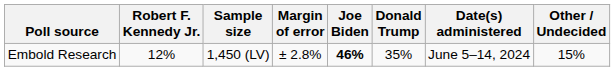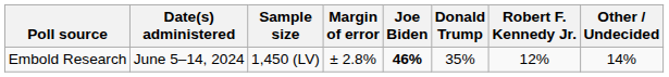 <table class="wikitable sortable mw-datatable" style="font-size:90%;text-align:center;line-height:17px">
 <tr valign=bottom>
 <th>Poll source</th>
-<th class="unsortable">Robert F.<br>Kennedy Jr.<br></th>
+<th>Date(s)<br>administered</th>
 <th>Sample<br>size</th>
 <th>Margin<br>of error</th>
 <th class="unsortable">Joe<br>Biden<br></th>
 <th class="unsortable">Donald<br>Trump<br></th>
-<th>Date(s)<br>administered</th>
+<th class="unsortable">Robert F.<br>Kennedy Jr.<br></th>
 <th class="unsortable">Other /<br>Undecided</th>
 </tr>
 <tr>
 <td style="text-align:left;">Embold Research</td>
-<td>12%</td>
+<td data-sort-value="2024-06-25">June 5–14, 2024</td>
 <td>1,450 (LV)</td>
 <td>± 2.8%</td>
 <td style="color:black;background-color:"><strong>46%</strong></td>
 <td>35%</td>
-<td data-sort-value="2024-06-25">June 5–14, 2024</td>
-<td>15%</td>
+<td>12%</td>
+<td>14%</td>
 </tr>
 </table>
